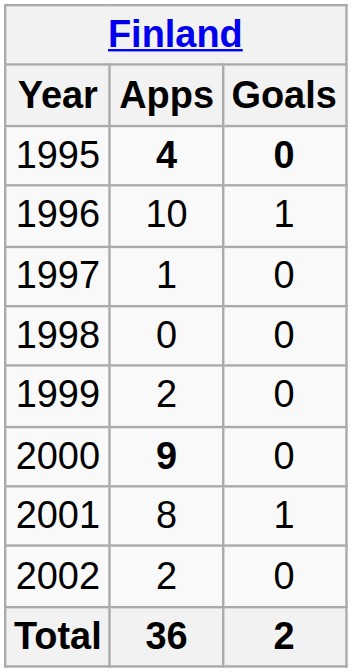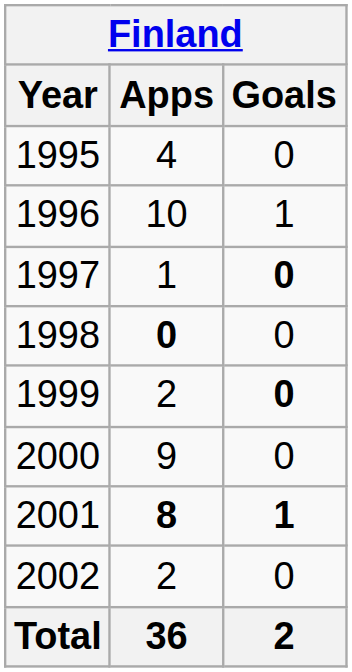 <table class=wikitable style=text-align:center>
 <tr>
 <th colspan=9><a href='#'>Finland</a></th>
 </tr>
 <tr>
 <th>Year</th>
 <th>Apps</th>
 <th>Goals</th>
 </tr>
 <tr>
 <td>1995</td>
-<td><strong>4</strong></td>
-<td><strong>0</strong></td>
+<td>4</td>
+<td>0</td>
 </tr>
 <tr>
 <td>1996</td>
 <td>10</td>
 <td>1</td>
 </tr>
 <tr>
 <td>1997</td>
 <td>1</td>
-<td>0</td>
+<td><strong>0</strong></td>
 </tr>
 <tr>
 <td>1998</td>
-<td>0</td>
+<td><strong>0</strong></td>
 <td>0</td>
 </tr>
 <tr>
 <td>1999</td>
 <td>2</td>
-<td>0</td>
+<td><strong>0</strong></td>
 </tr>
 <tr>
 <td>2000</td>
-<td><strong>9</strong></td>
+<td>9</td>
 <td>0</td>
 </tr>
 <tr>
 <td>2001</td>
-<td>8</td>
-<td>1</td>
+<td><strong>8</strong></td>
+<td><strong>1</strong></td>
 </tr>
 <tr>
 <td>2002</td>
 <td>2</td>
 <td>0</td>
 </tr>
 <tr>
 <th colspan=1>Total</th>
 <th>36</th>
 <th>2</th>
 </tr>
 </table>
